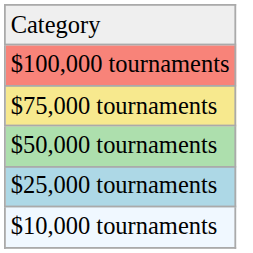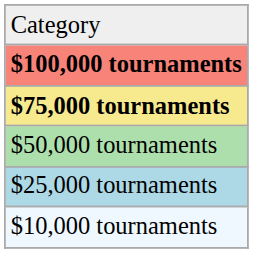 <table class=wikitable style=font-size:85%;>
 <tr>
 <td style="background:#efefef;">Category</td>
 </tr>
 <tr style="background:#f88379;">
-<td>$100,000 tournaments</td>
+<td><strong>$100,000 tournaments</strong></td>
 </tr>
 <tr style="background:#f7e98e;">
-<td>$75,000 tournaments</td>
+<td><strong>$75,000 tournaments</strong></td>
 </tr>
 <tr style="background:#addfad;">
 <td>$50,000 tournaments</td>
 </tr>
 <tr style="background:lightblue;">
 <td>$25,000 tournaments</td>
 </tr>
 <tr style="background:#f0f8ff;">
 <td>$10,000 tournaments</td>
 </tr>
 </table>
